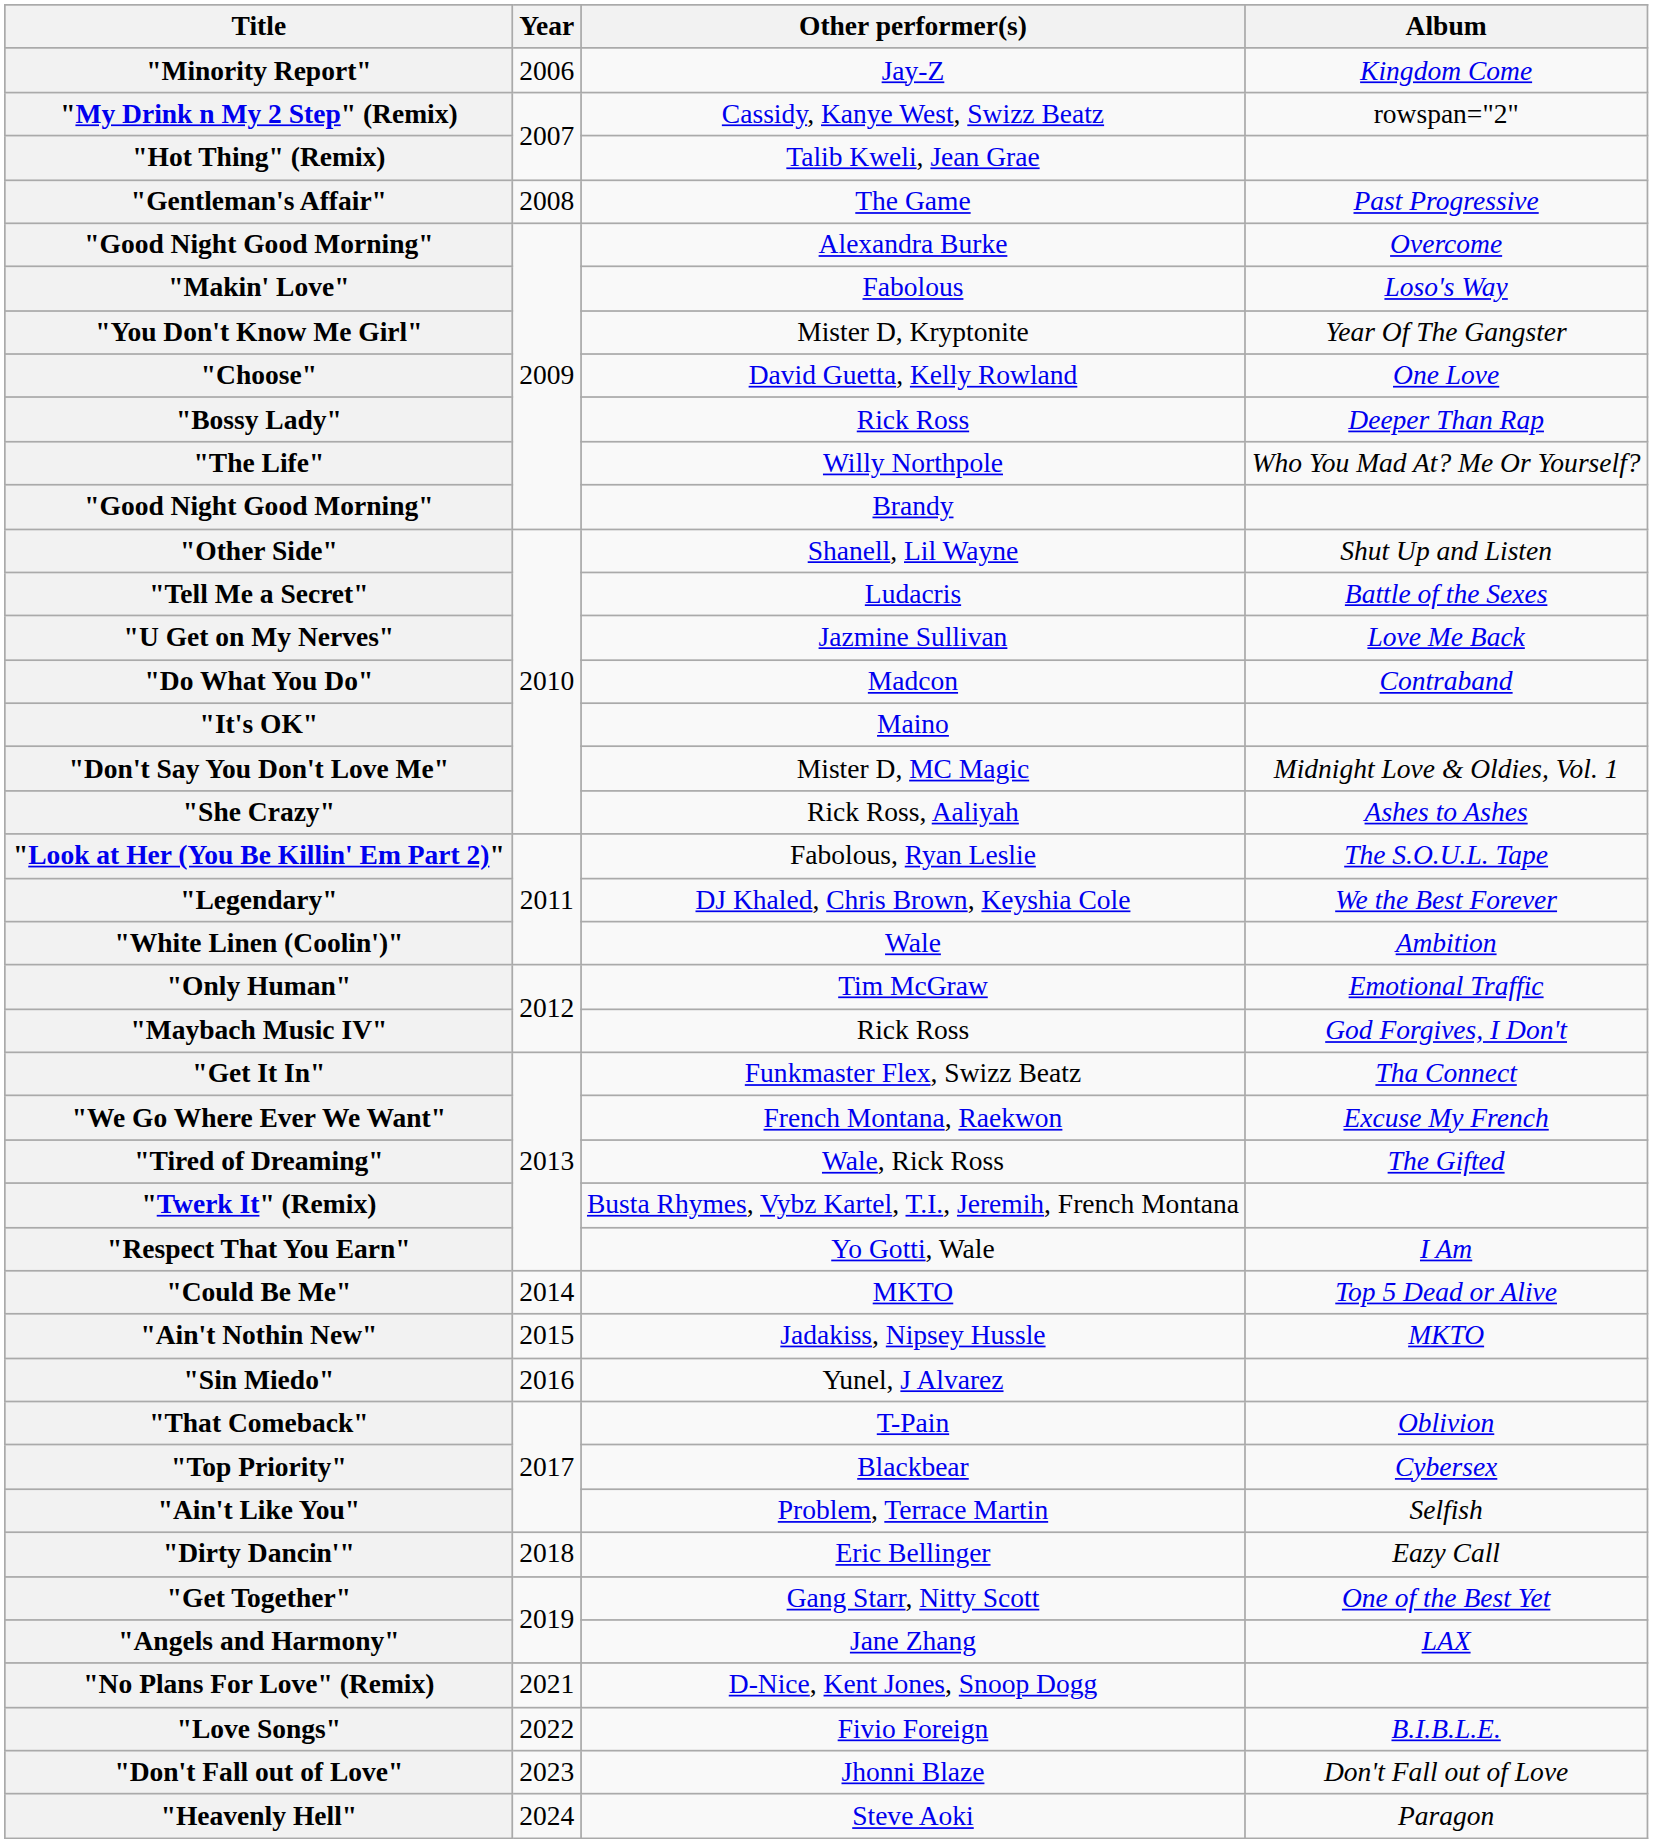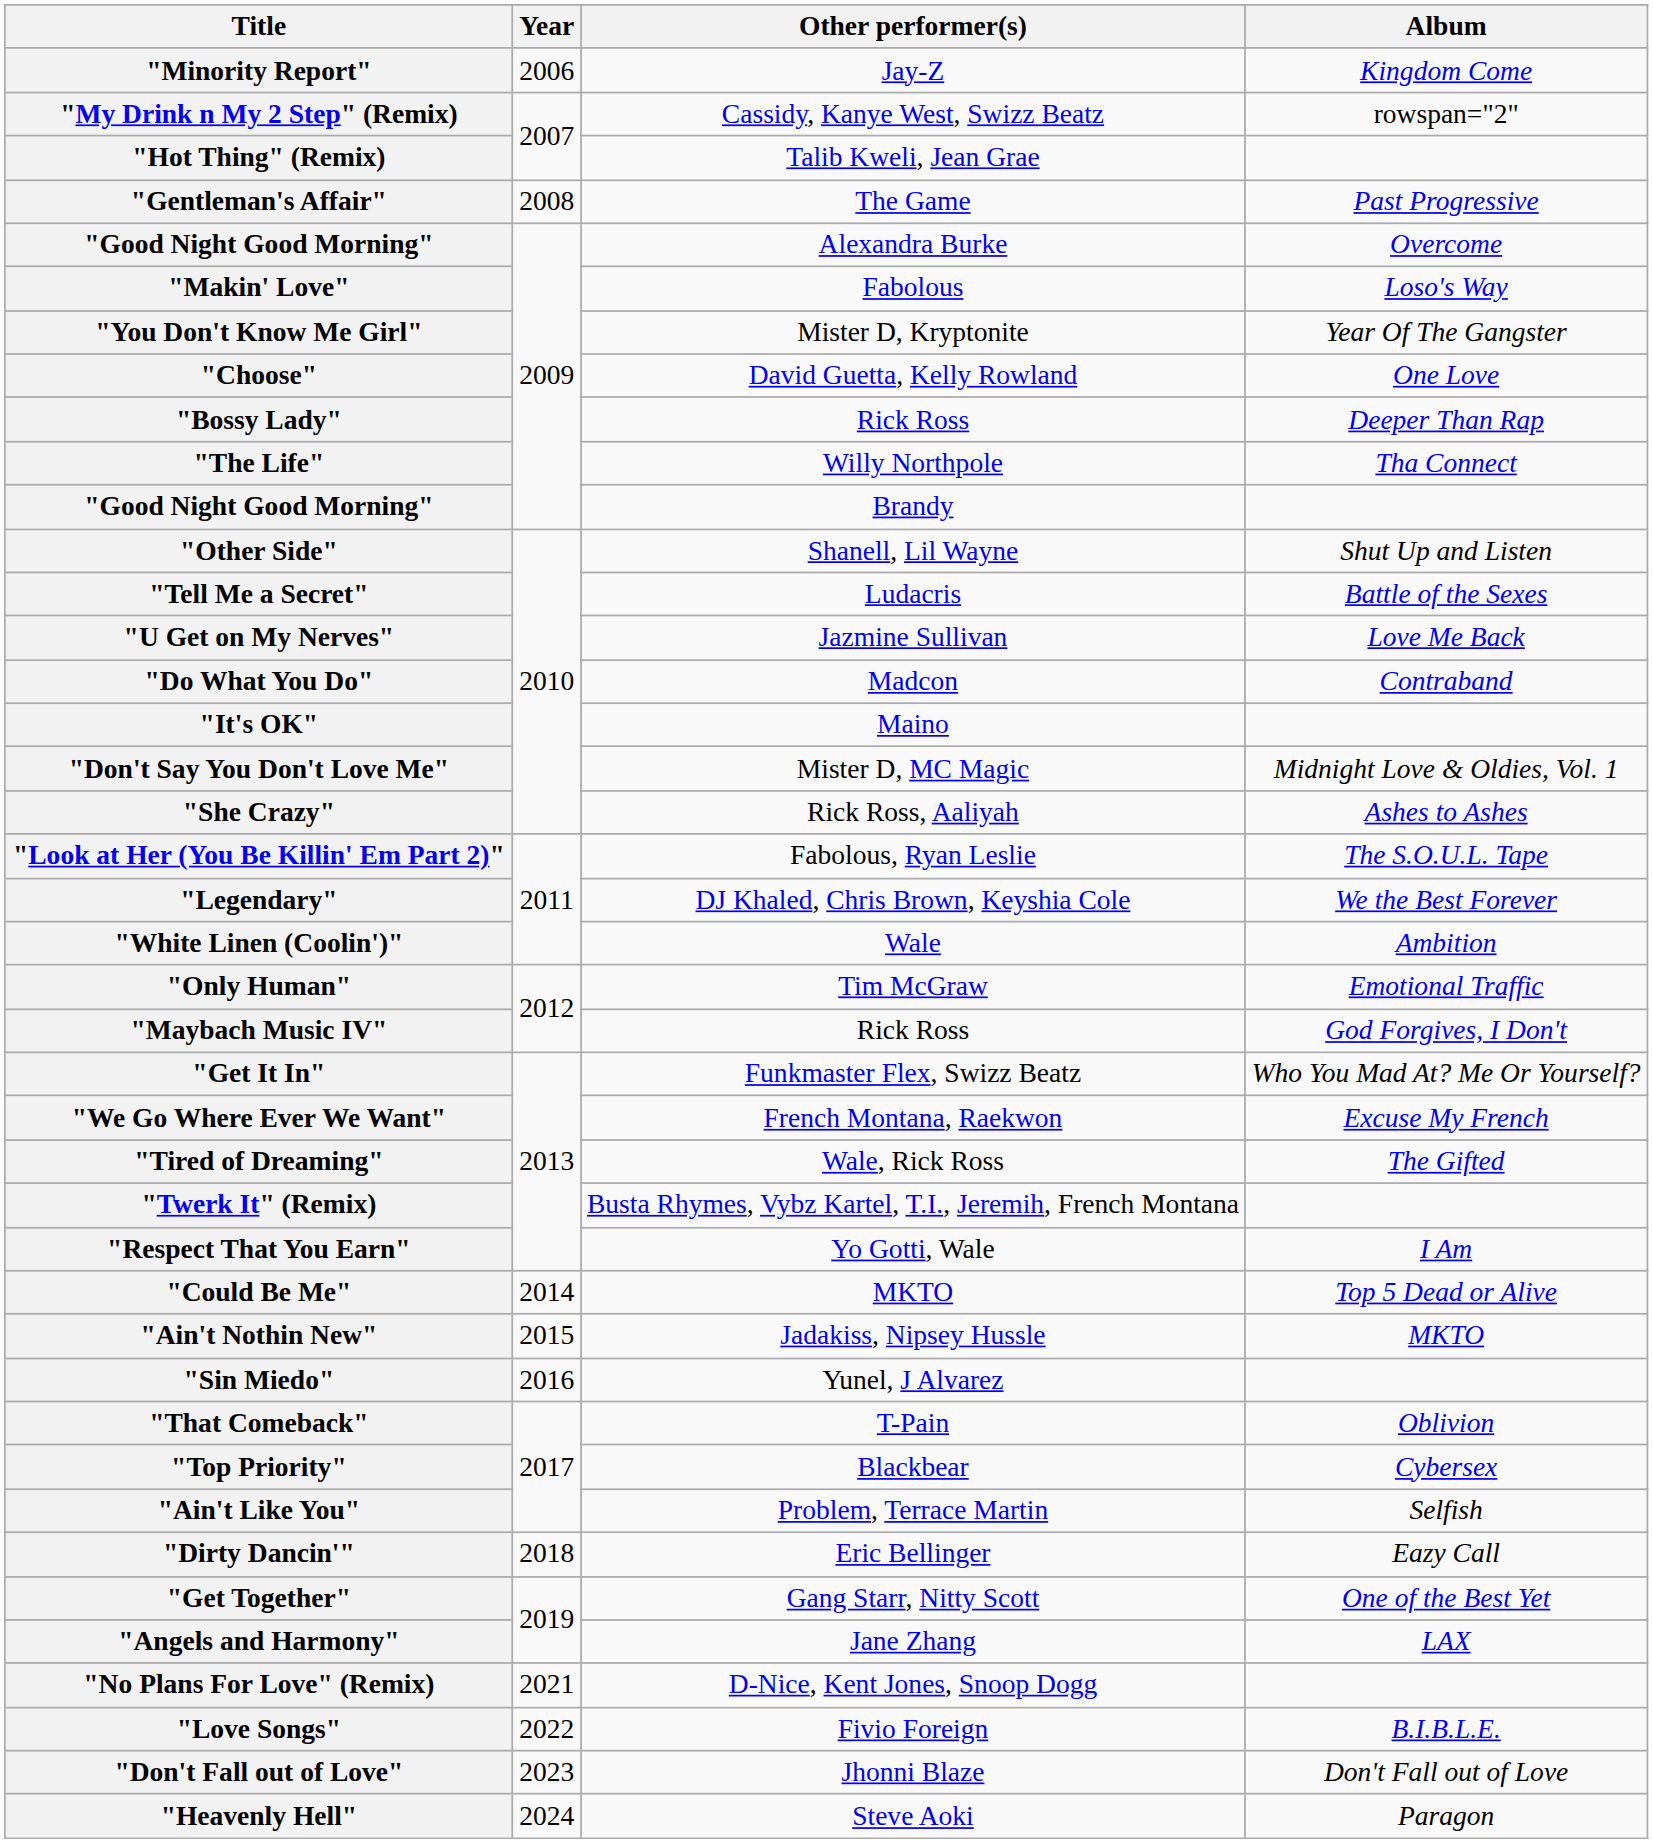 <table class="wikitable plainrowheaders" style="text-align:center;">
 <tr>
 <th scope="col" style="width:18em;">Title</th>
 <th scope="col">Year</th>
 <th scope="col">Other performer(s)</th>
 <th scope="col">Album</th>
 </tr>
 <tr>
 <th scope="row">"Minority Report"</th>
 <td>2006</td>
 <td><a href='#'>Jay-Z</a></td>
 <td><em><a href='#'>Kingdom Come</a></em></td>
 </tr>
 <tr>
 <th scope="row">"<a href='#'>My Drink n My 2 Step</a>" (Remix)</th>
 <td rowspan="2">2007</td>
 <td><a href='#'>Cassidy</a>, <a href='#'>Kanye West</a>, <a href='#'>Swizz Beatz</a></td>
 <td>rowspan="2" </td>
 </tr>
 <tr>
 <th scope="row">"Hot Thing" (Remix)</th>
 <td><a href='#'>Talib Kweli</a>, <a href='#'>Jean Grae</a></td>
 </tr>
 <tr>
 <th scope="row">"Gentleman's Affair"</th>
 <td>2008</td>
 <td><a href='#'>The Game</a></td>
 <td><em><a href='#'>Past Progressive</a></em></td>
 </tr>
 <tr>
 <th scope="row">"Good Night Good Morning"</th>
 <td rowspan="7">2009</td>
 <td><a href='#'>Alexandra Burke</a></td>
 <td><em><a href='#'>Overcome</a></em></td>
 </tr>
 <tr>
 <th scope="row">"Makin' Love"</th>
 <td><a href='#'>Fabolous</a></td>
 <td><em><a href='#'>Loso's Way</a></em></td>
 </tr>
 <tr>
 <th scope="row">"You Don't Know Me Girl"</th>
 <td>Mister D, Kryptonite</td>
 <td><em>Year Of The Gangster</em></td>
 </tr>
 <tr>
 <th scope="row">"Choose"</th>
 <td><a href='#'>David Guetta</a>, <a href='#'>Kelly Rowland</a></td>
 <td><em><a href='#'>One Love</a></em></td>
 </tr>
 <tr>
 <th scope="row">"Bossy Lady"</th>
 <td><a href='#'>Rick Ross</a></td>
 <td><em><a href='#'>Deeper Than Rap</a></em></td>
 </tr>
 <tr>
 <th scope="row">"The Life"</th>
 <td><a href='#'>Willy Northpole</a></td>
-<td><em>Who You Mad At? Me Or Yourself?</em></td>
+<td><em><a href='#'>Tha Connect</a></em></td>
 </tr>
 <tr>
 <th scope="row">"Good Night Good Morning"</th>
 <td><a href='#'>Brandy</a></td>
 <td></td>
 </tr>
 <tr>
 <th scope="row">"Other Side"</th>
 <td rowspan="7">2010</td>
 <td><a href='#'>Shanell</a>, <a href='#'>Lil Wayne</a></td>
 <td><em>Shut Up and Listen</em></td>
 </tr>
 <tr>
 <th scope="row">"Tell Me a Secret"</th>
 <td><a href='#'>Ludacris</a></td>
 <td><em><a href='#'>Battle of the Sexes</a></em></td>
 </tr>
 <tr>
 <th scope="row">"U Get on My Nerves"</th>
 <td><a href='#'>Jazmine Sullivan</a></td>
 <td><em><a href='#'>Love Me Back</a></em></td>
 </tr>
 <tr>
 <th scope="row">"Do What You Do"</th>
 <td><a href='#'>Madcon</a></td>
 <td><em><a href='#'>Contraband</a></em></td>
 </tr>
 <tr>
 <th scope="row">"It's OK"</th>
 <td><a href='#'>Maino</a></td>
 <td></td>
 </tr>
 <tr>
 <th scope="row">"Don't Say You Don't Love Me"</th>
 <td>Mister D, <a href='#'>MC Magic</a></td>
 <td><em>Midnight Love & Oldies, Vol. 1</em></td>
 </tr>
 <tr>
 <th scope="row">"She Crazy"</th>
 <td>Rick Ross, <a href='#'>Aaliyah</a></td>
 <td><em><a href='#'>Ashes to Ashes</a></em></td>
 </tr>
 <tr>
 <th scope="row">"<a href='#'>Look at Her (You Be Killin' Em Part 2)</a>"</th>
 <td rowspan="3">2011</td>
 <td>Fabolous, <a href='#'>Ryan Leslie</a></td>
 <td><em><a href='#'>The S.O.U.L. Tape</a></em></td>
 </tr>
 <tr>
 <th scope="row">"Legendary"</th>
 <td><a href='#'>DJ Khaled</a>, <a href='#'>Chris Brown</a>, <a href='#'>Keyshia Cole</a></td>
 <td><em><a href='#'>We the Best Forever</a></em></td>
 </tr>
 <tr>
 <th scope="row">"White Linen (Coolin')"</th>
 <td><a href='#'>Wale</a></td>
 <td><em><a href='#'>Ambition</a></em></td>
 </tr>
 <tr>
 <th scope="row">"Only Human"</th>
 <td rowspan="2">2012</td>
 <td><a href='#'>Tim McGraw</a></td>
 <td><em><a href='#'>Emotional Traffic</a></em></td>
 </tr>
 <tr>
 <th scope="row">"Maybach Music IV"</th>
 <td>Rick Ross</td>
 <td><em><a href='#'>God Forgives, I Don't</a></em></td>
 </tr>
 <tr>
 <th scope="row">"Get It In"</th>
 <td rowspan="5">2013</td>
 <td><a href='#'>Funkmaster Flex</a>, Swizz Beatz</td>
-<td><em><a href='#'>Tha Connect</a></em></td>
+<td><em>Who You Mad At? Me Or Yourself?</em></td>
 </tr>
 <tr>
 <th scope="row">"We Go Where Ever We Want"</th>
 <td><a href='#'>French Montana</a>, <a href='#'>Raekwon</a></td>
 <td><em><a href='#'>Excuse My French</a></em></td>
 </tr>
 <tr>
 <th scope="row">"Tired of Dreaming"</th>
 <td><a href='#'>Wale</a>, Rick Ross</td>
 <td><em><a href='#'>The Gifted</a></em></td>
 </tr>
 <tr>
 <th scope="row">"<a href='#'>Twerk It</a>" (Remix)</th>
 <td><a href='#'>Busta Rhymes</a>, <a href='#'>Vybz Kartel</a>, <a href='#'>T.I.</a>, <a href='#'>Jeremih</a>, French Montana</td>
 <td></td>
 </tr>
 <tr>
 <th scope="row">"Respect That You Earn"</th>
 <td><a href='#'>Yo Gotti</a>, Wale</td>
 <td><em><a href='#'>I Am</a></em></td>
 </tr>
 <tr>
 <th scope="row">"Could Be Me"</th>
 <td>2014</td>
 <td><a href='#'>MKTO</a></td>
 <td><em><a href='#'>Top 5 Dead or Alive</a></em></td>
 </tr>
 <tr>
 <th scope="row">"Ain't Nothin New"</th>
 <td>2015</td>
 <td><a href='#'>Jadakiss</a>, <a href='#'>Nipsey Hussle</a></td>
 <td><em><a href='#'>MKTO</a></em></td>
 </tr>
 <tr>
 <th scope= "row">"Sin Miedo"</th>
 <td>2016</td>
 <td>Yunel, <a href='#'>J Alvarez</a></td>
 <td></td>
 </tr>
 <tr>
 <th scope="row">"That Comeback"</th>
 <td rowspan= "3">2017</td>
 <td><a href='#'>T-Pain</a></td>
 <td><em><a href='#'>Oblivion</a></em></td>
 </tr>
 <tr>
 <th scope="row">"Top Priority"</th>
 <td><a href='#'>Blackbear</a></td>
 <td><em><a href='#'>Cybersex</a></em></td>
 </tr>
 <tr>
 <th scope="row">"Ain't Like You"</th>
 <td><a href='#'>Problem</a>, <a href='#'>Terrace Martin</a></td>
 <td><em>Selfish</em></td>
 </tr>
 <tr>
 <th scope="row">"Dirty Dancin'"</th>
 <td>2018</td>
 <td><a href='#'>Eric Bellinger</a></td>
 <td><em>Eazy Call</em></td>
 </tr>
 <tr>
 <th scope="row">"Get Together"</th>
 <td rowspan= "2">2019</td>
 <td><a href='#'>Gang Starr</a>, <a href='#'>Nitty Scott</a></td>
 <td><em><a href='#'>One of the Best Yet</a></em></td>
 </tr>
 <tr>
 <th scope="row">"Angels and Harmony"</th>
 <td><a href='#'>Jane Zhang</a></td>
 <td><em><a href='#'>LAX</a></em></td>
 </tr>
 <tr>
 <th scope="row">"No Plans For Love" (Remix)</th>
 <td>2021</td>
 <td><a href='#'>D-Nice</a>, <a href='#'>Kent Jones</a>, <a href='#'>Snoop Dogg</a></td>
 <td></td>
 </tr>
 <tr>
 <th scope="row">"Love Songs"</th>
 <td>2022</td>
 <td><a href='#'>Fivio Foreign</a></td>
 <td><em><a href='#'>B.I.B.L.E.</a></em></td>
 </tr>
 <tr>
 <th scope="row">"Don't Fall out of Love"</th>
 <td>2023</td>
 <td><a href='#'>Jhonni Blaze</a></td>
 <td><em>Don't Fall out of Love</em></td>
 </tr>
 <tr>
 <th scope="row">"Heavenly Hell"</th>
 <td>2024</td>
 <td><a href='#'>Steve Aoki</a></td>
 <td><em>Paragon</em></td>
 </tr>
 </table>
